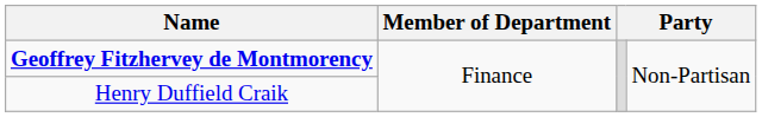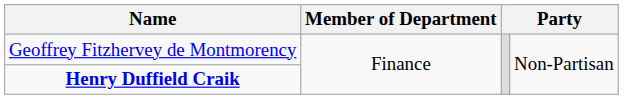 <table class="wikitable" style="text-align:center">
 <tr>
 <th>Name</th>
 <th>Member of Department</th>
 <th colspan=2>Party</th>
 </tr>
 <tr>
-<td><strong><a href='#'>Geoffrey Fitzhervey de Montmorency</a></strong></td>
+<td><a href='#'>Geoffrey Fitzhervey de Montmorency</a></td>
 <td rowspan=2>Finance</td>
 <td rowspan=2 bgcolor=#DDDDDD></td>
 <td rowspan=2>Non-Partisan</td>
 </tr>
 <tr>
-<td><a href='#'>Henry Duffield Craik</a></td>
+<td><strong><a href='#'>Henry Duffield Craik</a></strong></td>
 </tr>
 </table>
